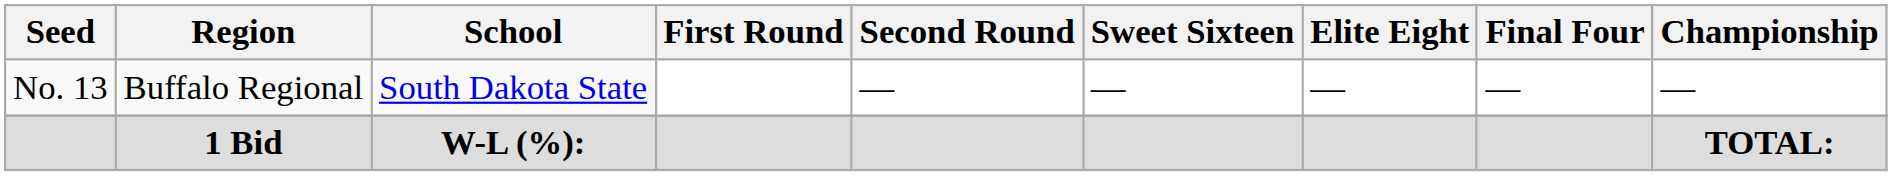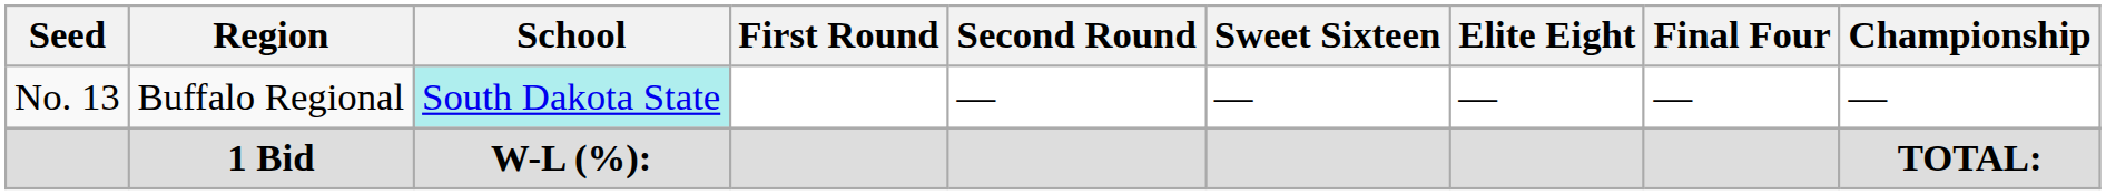 <table class="sortable wikitable" style="white-space:nowrap; font-size:100%;">
 <tr>
 <th>Seed</th>
 <th>Region</th>
 <th>School</th>
 <th>First Round</th>
 <th>Second Round</th>
 <th>Sweet Sixteen</th>
 <th>Elite Eight</th>
 <th>Final Four</th>
 <th>Championship</th>
 </tr>
 <tr>
 <td>No. 13</td>
 <td>Buffalo Regional</td>
-<td><a href='#'>South Dakota State</a></td>
+<td style="background: paleturquoise;"><a href='#'>South Dakota State</a></td>
 <td style="background:#fff;"></td>
 <td style="background:#fff;">—</td>
 <td style="background:#fff;">—</td>
 <td style="background:#fff;">—</td>
 <td style="background:#fff;">—</td>
 <td style="background:#fff;">—</td>
 </tr>
 <tr>
 </tr>
 <tr class="sortbottom" style="text-align:center; background:#ddd;">
 <td></td>
 <td><strong>1 Bid</strong></td>
 <td><strong>W-L (%):</strong></td>
 <td></td>
 <td></td>
 <td></td>
 <td></td>
 <td></td>
 <td><strong>TOTAL:</strong> </td>
 </tr>
 </table>
